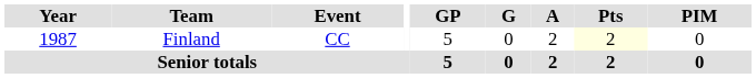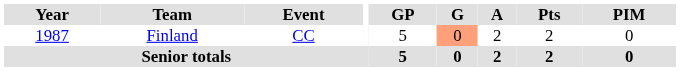 <table border="0" cellpadding="1" cellspacing="0" ID="Table3" style="text-align:center; width:40em">
 <tr bgcolor="#e0e0e0">
 <th>Year</th>
 <th>Team</th>
 <th>Event</th>
 <th rowspan="102" bgcolor="#ffffff"></th>
 <th>GP</th>
 <th>G</th>
 <th>A</th>
 <th>Pts</th>
 <th>PIM</th>
 </tr>
 <tr>
 <td><a href='#'>1987</a></td>
 <td><a href='#'>Finland</a></td>
 <td><a href='#'>CC</a></td>
 <td>5</td>
-<td>0</td>
+<td style="background: lightsalmon;">0</td>
 <td>2</td>
-<td style="background: lightyellow;">2</td>
+<td>2</td>
 <td>0</td>
 </tr>
 <tr bgcolor="#e0e0e0">
 <th colspan="4">Senior totals</th>
 <th>5</th>
 <th>0</th>
 <th>2</th>
 <th>2</th>
 <th>0</th>
 </tr>
 </table>
